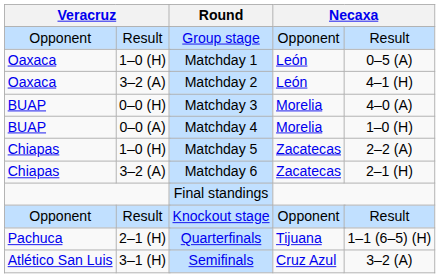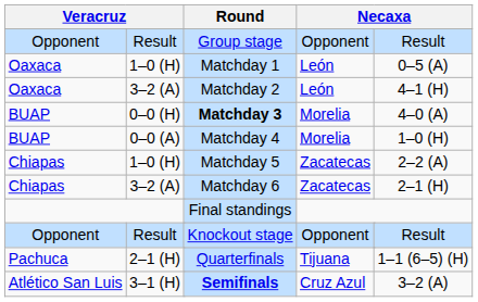 <table class="wikitable" style="text-align:center">
 <tr>
 <th colspan=4><a href='#'>Veracruz</a></th>
 <th>Round</th>
 <th colspan=4><a href='#'>Necaxa</a></th>
 </tr>
 <tr bgcolor=#c1e0ff>
 <td>Opponent</td>
 <td colspan=3>Result</td>
 <td><a href='#'>Group stage</a></td>
 <td>Opponent</td>
 <td colspan=3>Result</td>
 </tr>
 <tr>
 <td align=left><a href='#'>Oaxaca</a></td>
 <td colspan=3>1–0 (H)</td>
 <td bgcolor=#c1e0ff>Matchday 1</td>
 <td align=left><a href='#'>León</a></td>
 <td colspan=3>0–5 (A)</td>
 </tr>
 <tr>
 <td align=left><a href='#'>Oaxaca</a></td>
 <td colspan=3>3–2 (A)</td>
 <td bgcolor=#c1e0ff>Matchday 2</td>
 <td align=left><a href='#'>León</a></td>
 <td colspan=3>4–1 (H)</td>
 </tr>
 <tr>
 <td align=left><a href='#'>BUAP</a></td>
 <td colspan=3>0–0 (H)</td>
-<td bgcolor=#c1e0ff>Matchday 3</td>
+<td bgcolor=#c1e0ff><strong>Matchday 3</strong></td>
 <td align=left><a href='#'>Morelia</a></td>
 <td colspan=3>4–0 (A)</td>
 </tr>
 <tr>
 <td align=left><a href='#'>BUAP</a></td>
 <td colspan=3>0–0 (A)</td>
 <td bgcolor=#c1e0ff>Matchday 4</td>
 <td align=left><a href='#'>Morelia</a></td>
 <td colspan=3>1–0 (H)</td>
 </tr>
 <tr>
 <td align=left><a href='#'>Chiapas</a></td>
 <td colspan=3>1–0 (H)</td>
 <td bgcolor=#c1e0ff>Matchday 5</td>
 <td align=left><a href='#'>Zacatecas</a></td>
 <td colspan=3>2–2 (A)</td>
 </tr>
 <tr>
 <td align=left><a href='#'>Chiapas</a></td>
 <td colspan=3>3–2 (A)</td>
 <td bgcolor=#c1e0ff>Matchday 6</td>
 <td align=left><a href='#'>Zacatecas</a></td>
 <td colspan=3>2–1 (H)</td>
 </tr>
 <tr>
 <td colspan=4 valign=top><br></td>
 <td bgcolor=#c1e0ff>Final standings</td>
 <td colspan=4 valign=top><br></td>
 </tr>
 <tr bgcolor="#c1e0ff">
 <td>Opponent</td>
 <td colspan=3>Result</td>
 <td><a href='#'>Knockout stage</a></td>
 <td colspan=3>Opponent</td>
 <td>Result</td>
 </tr>
 <tr>
 <td align=left><a href='#'>Pachuca</a></td>
 <td colspan=3>2–1 (H)</td>
 <td bgcolor=#c1e0ff><a href='#'>Quarterfinals</a></td>
 <td align=left><a href='#'>Tijuana</a></td>
 <td colspan=3>1–1 (6–5) (H)</td>
 </tr>
 <tr>
 <td align=left><a href='#'>Atlético San Luis</a></td>
 <td colspan=3>3–1 (H)</td>
-<td bgcolor=#c1e0ff><a href='#'>Semifinals</a></td>
+<td bgcolor=#c1e0ff><strong><a href='#'>Semifinals</a></strong></td>
 <td align=left><a href='#'>Cruz Azul</a></td>
 <td colspan=3>3–2 (A)</td>
 </tr>
 </table>
